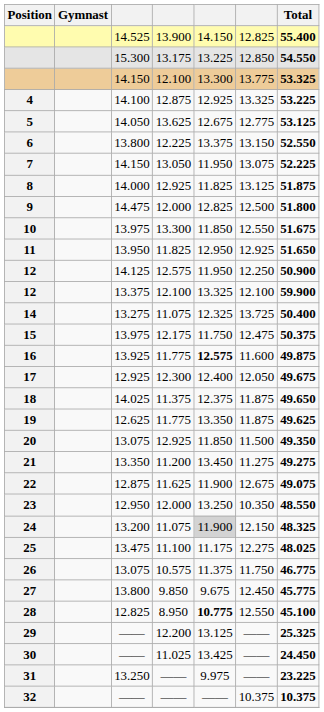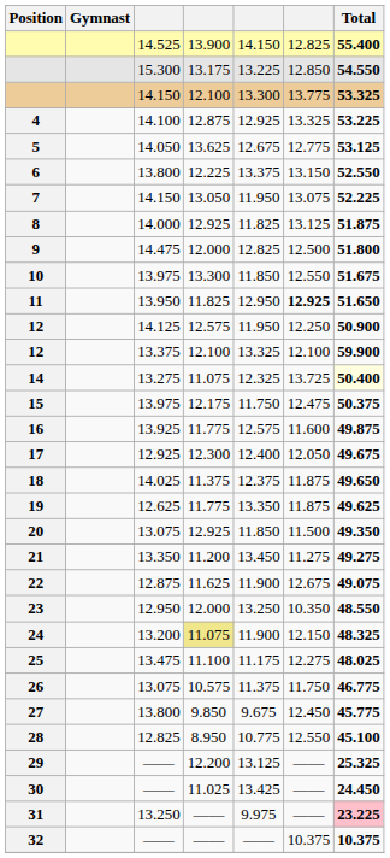 <table class="wikitable sortable" style="text-align:center; font-size:95%">
 <tr>
 <th>Position</th>
 <th>Gymnast</th>
 <th></th>
 <th></th>
 <th></th>
 <th></th>
 <th>Total</th>
 </tr>
 <tr bgcolor=fffcaf>
 <td></td>
 <td align=left></td>
 <td>14.525</td>
 <td>13.900</td>
 <td>14.150</td>
 <td>12.825</td>
 <td><strong>55.400</strong></td>
 </tr>
 <tr bgcolor=e5e5e5>
 <td></td>
 <td align=left></td>
 <td>15.300</td>
 <td>13.175</td>
 <td>13.225</td>
 <td>12.850</td>
 <td><strong>54.550</strong></td>
 </tr>
 <tr bgcolor=eecc99>
 <td></td>
 <td align=left></td>
 <td>14.150</td>
 <td>12.100</td>
 <td>13.300</td>
 <td>13.775</td>
 <td><strong>53.325</strong></td>
 </tr>
 <tr>
 <th><strong>4</strong></th>
 <td align=left></td>
 <td>14.100</td>
 <td>12.875</td>
 <td>12.925</td>
 <td>13.325</td>
 <td><strong>53.225</strong></td>
 </tr>
 <tr>
 <th><strong>5</strong></th>
 <td align=left></td>
 <td>14.050</td>
 <td>13.625</td>
 <td>12.675</td>
 <td>12.775</td>
 <td><strong>53.125</strong></td>
 </tr>
 <tr>
 <th><strong>6</strong></th>
 <td align=left></td>
 <td>13.800</td>
 <td>12.225</td>
 <td>13.375</td>
 <td>13.150</td>
 <td><strong>52.550</strong></td>
 </tr>
 <tr>
 <th><strong>7</strong></th>
 <td align=left></td>
 <td>14.150</td>
 <td>13.050</td>
 <td>11.950</td>
 <td>13.075</td>
 <td><strong>52.225</strong></td>
 </tr>
 <tr>
 <th><strong>8</strong></th>
 <td align=left></td>
 <td>14.000</td>
 <td>12.925</td>
 <td>11.825</td>
 <td>13.125</td>
 <td><strong>51.875</strong></td>
 </tr>
 <tr>
 <th><strong>9</strong></th>
 <td align=left></td>
 <td>14.475</td>
 <td>12.000</td>
 <td>12.825</td>
 <td>12.500</td>
 <td><strong>51.800</strong></td>
 </tr>
 <tr>
 <th><strong>10</strong></th>
 <td align=left></td>
 <td>13.975</td>
 <td>13.300</td>
 <td>11.850</td>
 <td>12.550</td>
 <td><strong>51.675</strong></td>
 </tr>
 <tr>
 <th><strong>11</strong></th>
 <td align=left></td>
 <td>13.950</td>
 <td>11.825</td>
 <td>12.950</td>
-<td>12.925</td>
+<td><strong>12.925</strong></td>
 <td><strong>51.650</strong></td>
 </tr>
 <tr>
 <th><strong>12</strong></th>
 <td align=left></td>
 <td>14.125</td>
 <td>12.575</td>
 <td>11.950</td>
 <td>12.250</td>
 <td><strong>50.900</strong></td>
 </tr>
 <tr>
 <th><strong>12</strong></th>
 <td align=left></td>
 <td>13.375</td>
 <td>12.100</td>
 <td>13.325</td>
 <td>12.100</td>
 <td><strong>59.900</strong></td>
 </tr>
 <tr>
 <th><strong>14</strong></th>
 <td align=left></td>
 <td>13.275</td>
 <td>11.075</td>
 <td>12.325</td>
 <td>13.725</td>
-<td><strong>50.400</strong></td>
+<td style="background: lightyellow;"><strong>50.400</strong></td>
 </tr>
 <tr>
 <th><strong>15</strong></th>
 <td align=left></td>
 <td>13.975</td>
 <td>12.175</td>
 <td>11.750</td>
 <td>12.475</td>
 <td><strong>50.375</strong></td>
 </tr>
 <tr>
 <th><strong>16</strong></th>
 <td align=left></td>
 <td>13.925</td>
 <td>11.775</td>
-<td><strong>12.575</strong></td>
+<td>12.575</td>
 <td>11.600</td>
 <td><strong>49.875</strong></td>
 </tr>
 <tr>
 <th><strong>17</strong></th>
 <td align=left></td>
 <td>12.925</td>
 <td>12.300</td>
 <td>12.400</td>
 <td>12.050</td>
 <td><strong>49.675</strong></td>
 </tr>
 <tr>
 <th><strong>18</strong></th>
 <td align=left></td>
 <td>14.025</td>
 <td>11.375</td>
 <td>12.375</td>
 <td>11.875</td>
 <td><strong>49.650</strong></td>
 </tr>
 <tr>
 <th><strong>19</strong></th>
 <td align=left></td>
 <td>12.625</td>
 <td>11.775</td>
 <td>13.350</td>
 <td>11.875</td>
 <td><strong>49.625</strong></td>
 </tr>
 <tr>
 <th><strong>20</strong></th>
 <td align=left></td>
 <td>13.075</td>
 <td>12.925</td>
 <td>11.850</td>
 <td>11.500</td>
 <td><strong>49.350</strong></td>
 </tr>
 <tr>
 <th><strong>21</strong></th>
 <td align=left></td>
 <td>13.350</td>
 <td>11.200</td>
 <td>13.450</td>
 <td>11.275</td>
 <td><strong>49.275</strong></td>
 </tr>
 <tr>
 <th><strong>22</strong></th>
 <td align=left></td>
 <td>12.875</td>
 <td>11.625</td>
 <td>11.900</td>
 <td>12.675</td>
 <td><strong>49.075</strong></td>
 </tr>
 <tr>
 <th><strong>23</strong></th>
 <td align=left></td>
 <td>12.950</td>
 <td>12.000</td>
 <td>13.250</td>
 <td>10.350</td>
 <td><strong>48.550</strong></td>
 </tr>
 <tr>
 <th><strong>24</strong></th>
 <td align=left></td>
 <td>13.200</td>
-<td>11.075</td>
-<td style="background: lightgrey;">11.900</td>
+<td style="background: khaki;">11.075</td>
+<td>11.900</td>
 <td>12.150</td>
 <td><strong>48.325</strong></td>
 </tr>
 <tr>
 <th><strong>25</strong></th>
 <td align=left></td>
 <td>13.475</td>
 <td>11.100</td>
 <td>11.175</td>
 <td>12.275</td>
 <td><strong>48.025</strong></td>
 </tr>
 <tr>
 <th><strong>26</strong></th>
 <td align=left></td>
 <td>13.075</td>
 <td>10.575</td>
 <td>11.375</td>
 <td>11.750</td>
 <td><strong>46.775</strong></td>
 </tr>
 <tr>
 <th><strong>27</strong></th>
 <td align=left></td>
 <td>13.800</td>
 <td>9.850</td>
 <td>9.675</td>
 <td>12.450</td>
 <td><strong>45.775</strong></td>
 </tr>
 <tr>
 <th><strong>28</strong></th>
 <td align=left></td>
 <td>12.825</td>
 <td>8.950</td>
-<td><strong>10.775</strong></td>
+<td>10.775</td>
 <td>12.550</td>
 <td><strong>45.100</strong></td>
 </tr>
 <tr>
 <th><strong>29</strong></th>
 <td align=left></td>
 <td>——</td>
 <td>12.200</td>
 <td>13.125</td>
 <td>——</td>
 <td><strong>25.325</strong></td>
 </tr>
 <tr>
 <th><strong>30</strong></th>
 <td align=left></td>
 <td>——</td>
 <td>11.025</td>
 <td>13.425</td>
 <td>——</td>
 <td><strong>24.450</strong></td>
 </tr>
 <tr>
 <th><strong>31</strong></th>
 <td align=left></td>
 <td>13.250</td>
 <td>——</td>
 <td>9.975</td>
 <td>——</td>
-<td><strong>23.225</strong></td>
+<td style="background: pink;"><strong>23.225</strong></td>
 </tr>
 <tr>
 <th><strong>32</strong></th>
 <td align=left></td>
 <td>——</td>
 <td>——</td>
 <td>——</td>
 <td>10.375</td>
 <td><strong>10.375</strong></td>
 </tr>
 <tr>
 </tr>
 </table>
